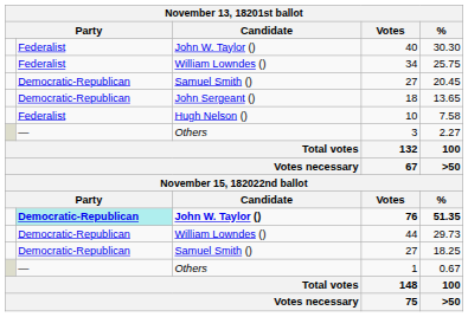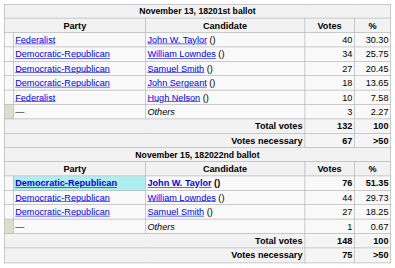 <table class="wikitable" style="margin-right:1em; font-size:95%">
 <tr>
 <th colspan=5 style="font-size:95%">November 13, 18201st ballot</th>
 </tr>
 <tr>
 <th scope="col" colspan="2" style="width: 15em">Party</th>
 <th scope="col" style="width: 17em">Candidate</th>
 <th scope="col" style="width: 5em">Votes</th>
 <th scope="col" style="width: 3.5em">%</th>
 </tr>
 <tr>
 <td style="width: 0.5em; background:"></td>
 <td><a href='#'>Federalist</a></td>
 <td><a href='#'>John W. Taylor</a> ()</td>
 <td style="text-align:right">40</td>
 <td style="text-align:right">30.30</td>
 </tr>
 <tr>
 <td style="background:"></td>
-<td><a href='#'>Federalist</a></td>
+<td><a href='#'>Democratic-Republican</a></td>
 <td><a href='#'>William Lowndes</a> ()</td>
 <td style="text-align:right">34</td>
 <td style="text-align:right">25.75</td>
 </tr>
 <tr>
 <td style="background:"></td>
 <td><a href='#'>Democratic-Republican</a></td>
 <td><a href='#'>Samuel Smith</a> ()</td>
 <td style="text-align:right">27</td>
 <td style="text-align:right">20.45</td>
 </tr>
 <tr>
 <td style="background:"></td>
 <td><a href='#'>Democratic-Republican</a></td>
 <td><a href='#'>John Sergeant</a> ()</td>
 <td style="text-align:right">18</td>
 <td style="text-align:right">13.65</td>
 </tr>
 <tr>
 <td style="background:"></td>
 <td><a href='#'>Federalist</a></td>
 <td><a href='#'>Hugh Nelson</a> ()</td>
 <td style="text-align:right">10</td>
 <td style="text-align:right">7.58</td>
 </tr>
 <tr>
 <td style="background:#ddddcc"></td>
 <td>—</td>
 <td><em>Others</em></td>
 <td style="text-align:right">3</td>
 <td style="text-align:right">2.27</td>
 </tr>
 <tr>
 <th colspan=3 style="text-align:right">Total votes</th>
 <td style="text-align:right; background:#f5f5f5"><strong>132</strong></td>
 <td style="text-align:right; background:#f5f5f5"><strong>100</strong></td>
 </tr>
 <tr>
 <th colspan=3 style="text-align:right">Votes necessary</th>
 <td style="text-align:right; background:#f5f5f5"><strong>67</strong></td>
 <td style="text-align:right; background:#f5f5f5"><strong>>50</strong></td>
 </tr>
 <tr>
 <th colspan=5 style="font-size:95%">November 15, 182022nd ballot</th>
 </tr>
 <tr>
 <th scope="col" colspan="2" style="width: 15em">Party</th>
 <th scope="col" style="width: 17em">Candidate</th>
 <th scope="col" style="width: 5em">Votes</th>
 <th scope="col" style="width: 3.5em">%</th>
 </tr>
 <tr>
 <td style="background:"></td>
 <td style="background: paleturquoise;"><strong><a href='#'>Democratic-Republican</a></strong></td>
 <td><strong><a href='#'>John W. Taylor</a> ()</strong></td>
 <td style="text-align:right"><strong>76</strong></td>
 <td style="text-align:right"><strong>51.35</strong></td>
 </tr>
 <tr>
 <td style="background:"></td>
 <td><a href='#'>Democratic-Republican</a></td>
 <td><a href='#'>William Lowndes</a> ()</td>
 <td style="text-align:right">44</td>
 <td style="text-align:right">29.73</td>
 </tr>
 <tr>
 <td style="background:"></td>
 <td><a href='#'>Democratic-Republican</a></td>
 <td><a href='#'>Samuel Smith</a> ()</td>
 <td style="text-align:right">27</td>
 <td style="text-align:right">18.25</td>
 </tr>
 <tr>
 <td style="background:#ddddcc"></td>
 <td>—</td>
 <td><em>Others</em></td>
 <td style="text-align:right">1</td>
 <td style="text-align:right">0.67</td>
 </tr>
 <tr>
 <th colspan=3 style="text-align:right">Total votes</th>
 <td style="text-align:right; background:#f5f5f5"><strong>148</strong></td>
 <td style="text-align:right; background:#f5f5f5"><strong>100</strong></td>
 </tr>
 <tr>
 <th colspan=3 style="text-align:right">Votes necessary</th>
 <td style="text-align:right; background:#f5f5f5"><strong>75</strong></td>
 <td style="text-align:right; background:#f5f5f5"><strong>>50</strong></td>
 </tr>
 </table>
